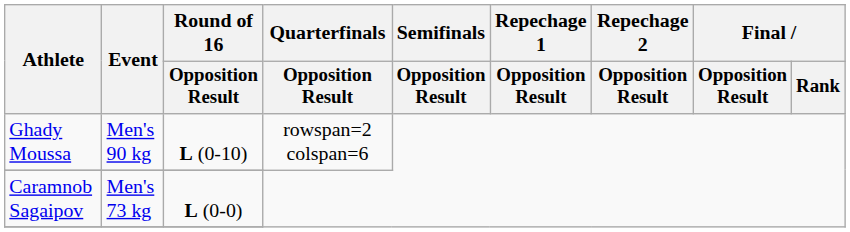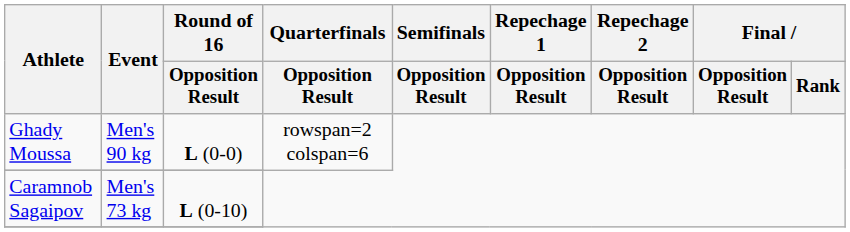 <table class="wikitable" style="font-size:90%">
 <tr>
 <th rowspan="2">Athlete</th>
 <th rowspan="2">Event</th>
 <th>Round of 16</th>
 <th>Quarterfinals</th>
 <th>Semifinals</th>
 <th>Repechage 1</th>
 <th>Repechage 2</th>
 <th colspan=2>Final / </th>
 </tr>
 <tr style="font-size:95%">
 <th>Opposition<br>Result</th>
 <th>Opposition<br>Result</th>
 <th>Opposition<br>Result</th>
 <th>Opposition<br>Result</th>
 <th>Opposition<br>Result</th>
 <th>Opposition<br>Result</th>
 <th>Rank</th>
 </tr>
 <tr align=center>
 <td align=left><a href='#'>Ghady Moussa</a></td>
 <td align=left><a href='#'>Men's 90 kg</a></td>
-<td><br><strong>L</strong> (0-10)</td>
+<td><br><strong>L</strong> (0-0)</td>
 <td>rowspan=2 colspan=6 </td>
 </tr>
 <tr>
 </tr>
 <tr align=center>
 <td align=left><a href='#'>Caramnob Sagaipov</a></td>
 <td align=left><a href='#'>Men's 73 kg</a></td>
-<td><br><strong>L</strong> (0-0)</td>
+<td><br><strong>L</strong> (0-10)</td>
 </tr>
 <tr>
 </tr>
 </table>
